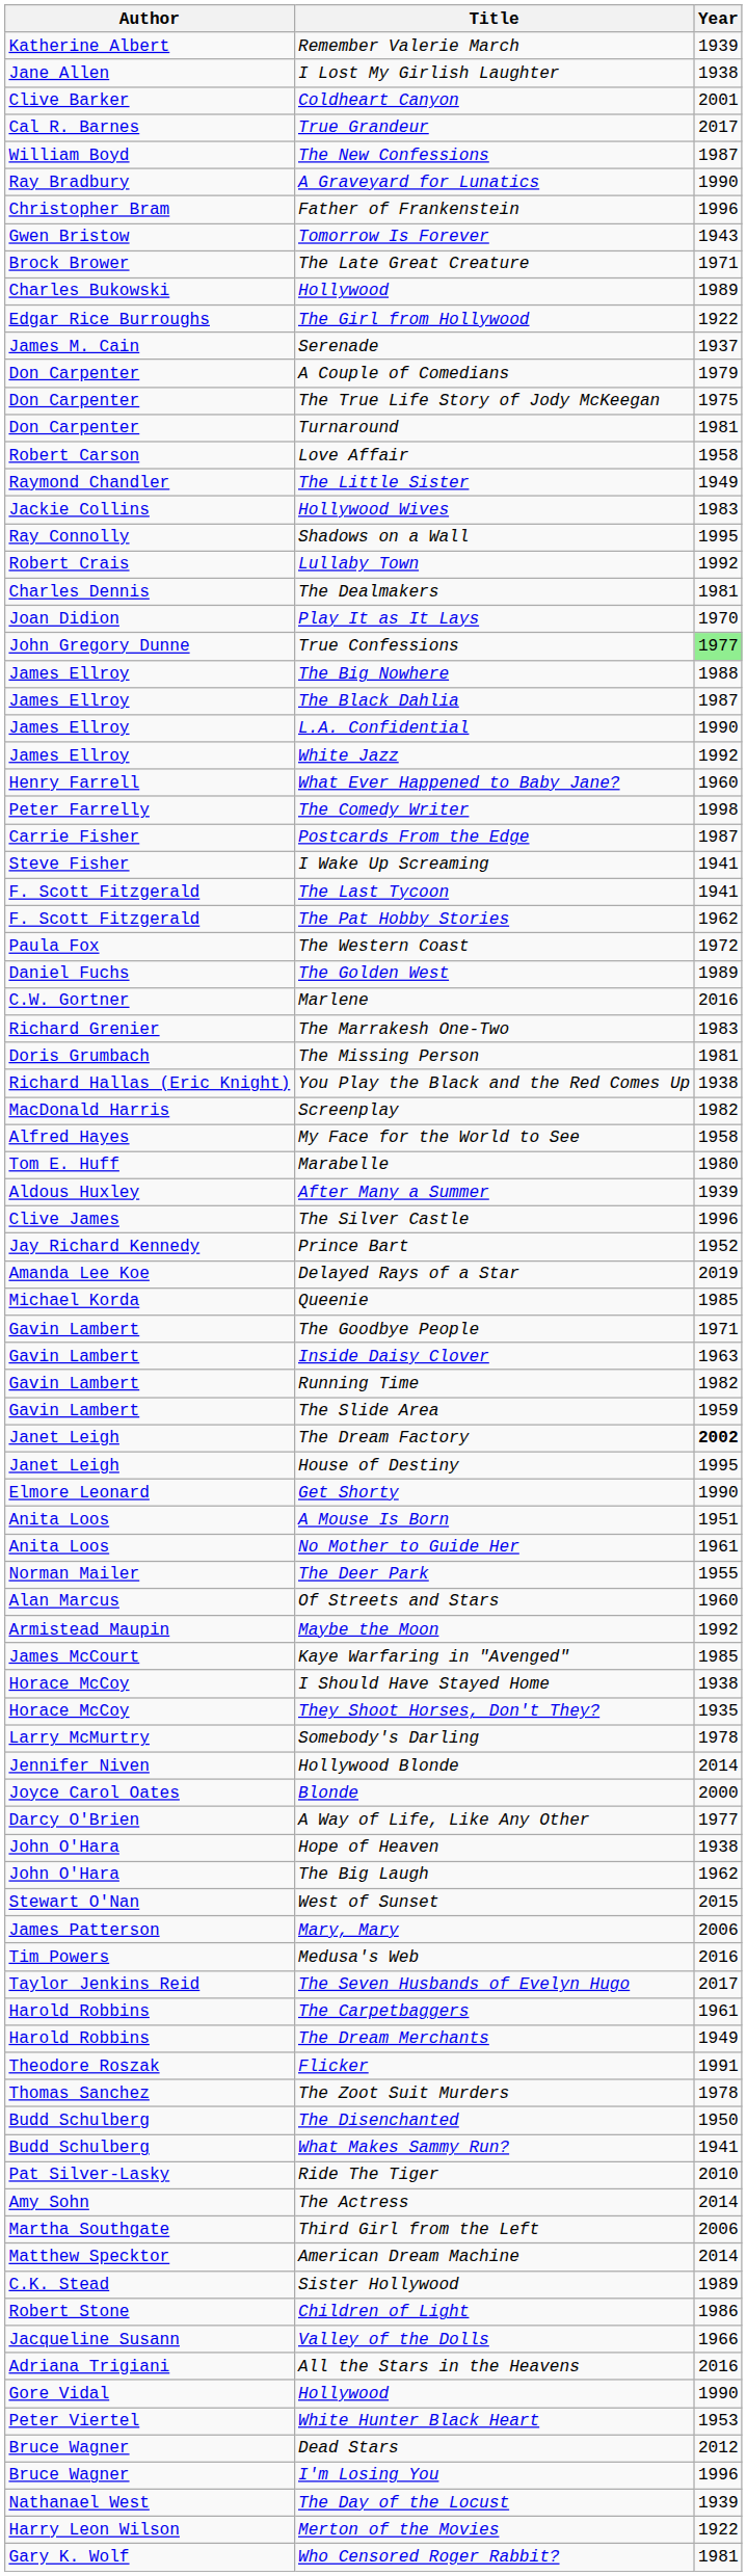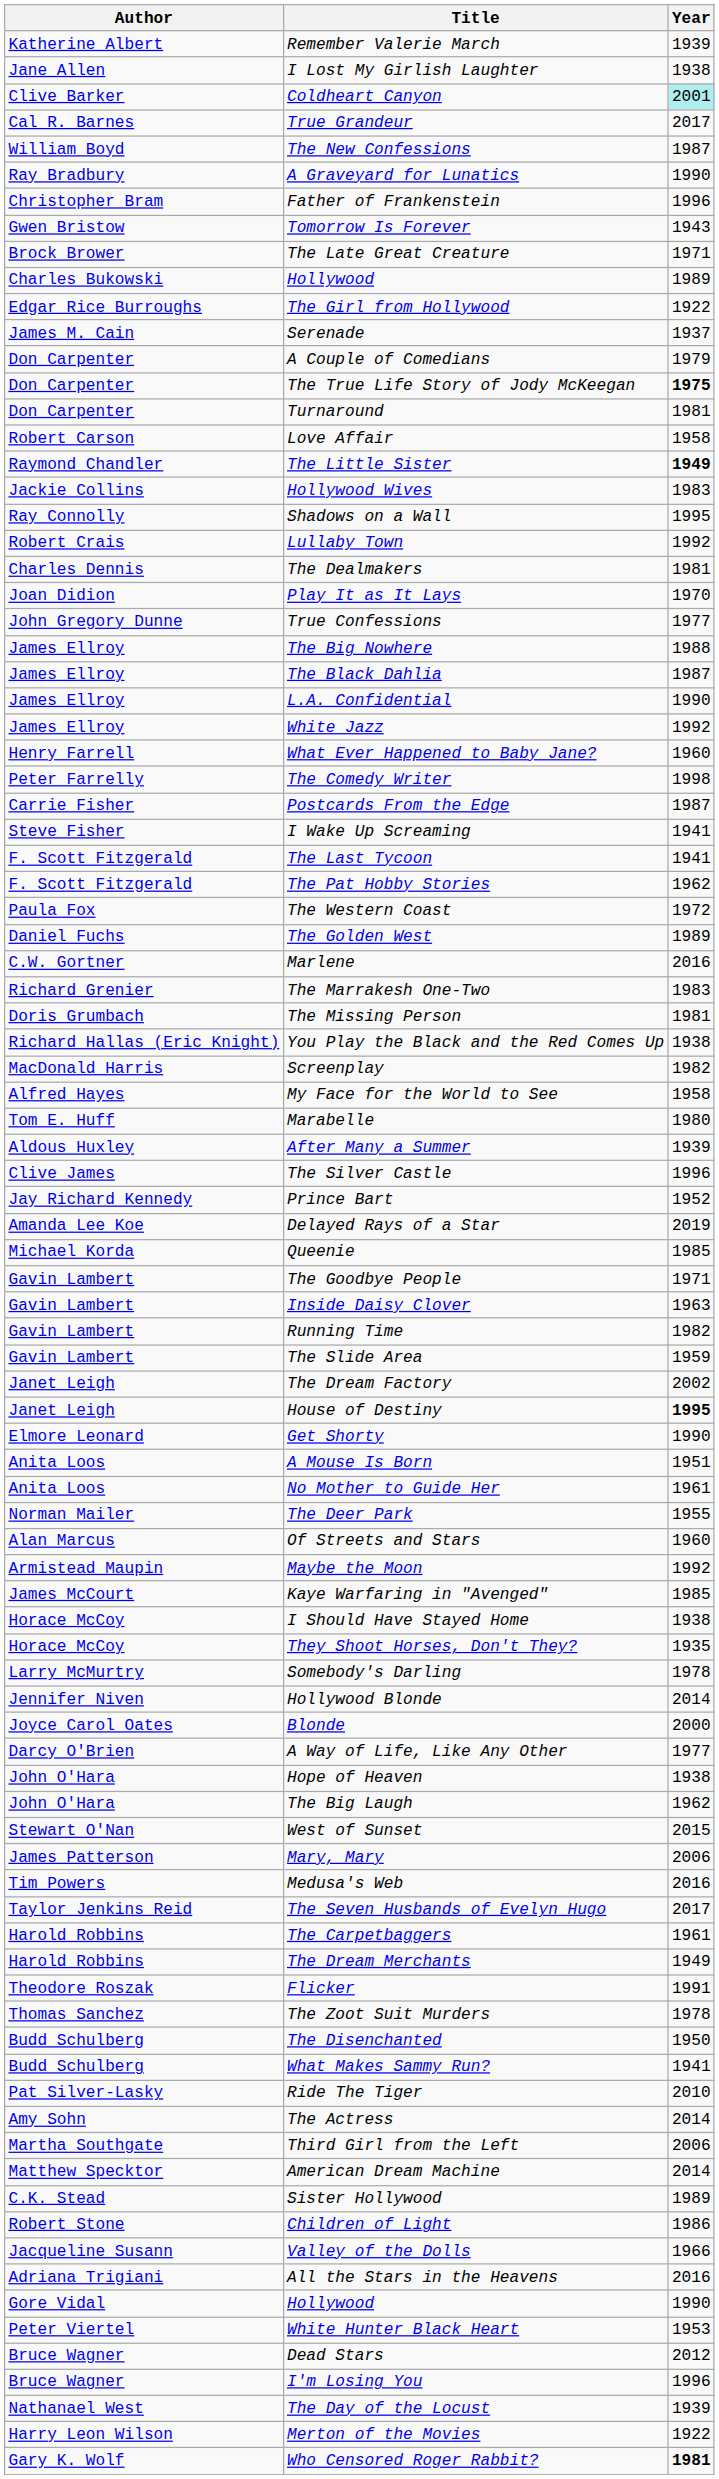 <table class="wikitable sortable">
 <tr>
 <th>Author</th>
 <th>Title</th>
 <th>Year</th>
 </tr>
 <tr>
 <td><a href='#'>Katherine Albert</a></td>
 <td><em>Remember Valerie March</em></td>
 <td>1939</td>
 </tr>
 <tr>
 <td><a href='#'>Jane Allen</a></td>
 <td><em>I Lost My Girlish Laughter</em></td>
 <td>1938</td>
 </tr>
 <tr>
 <td><a href='#'>Clive Barker</a></td>
 <td><em><a href='#'>Coldheart Canyon</a></em></td>
-<td>2001</td>
+<td style="background: paleturquoise;">2001</td>
 </tr>
 <tr>
 <td><a href='#'>Cal R. Barnes</a></td>
 <td><em><a href='#'>True Grandeur</a></em></td>
 <td>2017</td>
 </tr>
 <tr>
 <td><a href='#'>William Boyd</a></td>
 <td><em><a href='#'>The New Confessions</a></em></td>
 <td>1987</td>
 </tr>
 <tr>
 <td><a href='#'>Ray Bradbury</a></td>
 <td><em><a href='#'>A Graveyard for Lunatics</a></em></td>
 <td>1990</td>
 </tr>
 <tr>
 <td><a href='#'>Christopher Bram</a></td>
 <td><em>Father of Frankenstein</em></td>
 <td>1996</td>
 </tr>
 <tr>
 <td><a href='#'>Gwen Bristow</a></td>
 <td><em><a href='#'>Tomorrow Is Forever</a></em></td>
 <td>1943</td>
 </tr>
 <tr>
 <td><a href='#'>Brock Brower</a></td>
 <td><em>The Late Great Creature</em></td>
 <td>1971</td>
 </tr>
 <tr>
 <td><a href='#'>Charles Bukowski</a></td>
 <td><em><a href='#'>Hollywood</a></em></td>
 <td>1989</td>
 </tr>
 <tr>
 <td><a href='#'>Edgar Rice Burroughs</a></td>
 <td><em><a href='#'>The Girl from Hollywood</a></em></td>
 <td>1922</td>
 </tr>
 <tr>
 <td><a href='#'>James M. Cain</a></td>
 <td><em>Serenade</em></td>
 <td>1937</td>
 </tr>
 <tr>
 <td><a href='#'>Don Carpenter</a></td>
 <td><em>A Couple of Comedians</em></td>
 <td>1979</td>
 </tr>
 <tr>
 <td><a href='#'>Don Carpenter</a></td>
 <td><em>The True Life Story of Jody McKeegan</em></td>
-<td>1975</td>
+<td><strong>1975</strong></td>
 </tr>
 <tr>
 <td><a href='#'>Don Carpenter</a></td>
 <td><em>Turnaround</em></td>
 <td>1981</td>
 </tr>
 <tr>
 <td><a href='#'>Robert Carson</a></td>
 <td><em>Love Affair</em></td>
 <td>1958</td>
 </tr>
 <tr>
 <td><a href='#'>Raymond Chandler</a></td>
 <td><em><a href='#'>The Little Sister</a></em></td>
-<td>1949</td>
+<td><strong>1949</strong></td>
 </tr>
 <tr>
 <td><a href='#'>Jackie Collins</a></td>
 <td><em><a href='#'>Hollywood Wives</a></em></td>
 <td>1983</td>
 </tr>
 <tr>
 <td><a href='#'>Ray Connolly</a></td>
 <td><em>Shadows on a Wall</em></td>
 <td>1995</td>
 </tr>
 <tr>
 <td><a href='#'>Robert Crais</a></td>
 <td><em><a href='#'>Lullaby Town</a></em></td>
 <td>1992</td>
 </tr>
 <tr>
 <td><a href='#'>Charles Dennis</a></td>
 <td><em>The Dealmakers</em></td>
 <td>1981</td>
 </tr>
 <tr>
 <td><a href='#'>Joan Didion</a></td>
 <td><em><a href='#'>Play It as It Lays</a></em></td>
 <td>1970</td>
 </tr>
 <tr>
 <td><a href='#'>John Gregory Dunne</a></td>
 <td><em>True Confessions</em></td>
-<td style="background: lightgreen;">1977</td>
+<td>1977</td>
 </tr>
 <tr>
 <td><a href='#'>James Ellroy</a></td>
 <td><em><a href='#'>The Big Nowhere</a></em></td>
 <td>1988</td>
 </tr>
 <tr>
 <td><a href='#'>James Ellroy</a></td>
 <td><em><a href='#'>The Black Dahlia</a></em></td>
 <td>1987</td>
 </tr>
 <tr>
 <td><a href='#'>James Ellroy</a></td>
 <td><em><a href='#'>L.A. Confidential</a></em></td>
 <td>1990</td>
 </tr>
 <tr>
 <td><a href='#'>James Ellroy</a></td>
 <td><em><a href='#'>White Jazz</a></em></td>
 <td>1992</td>
 </tr>
 <tr>
 <td><a href='#'>Henry Farrell</a></td>
 <td><em><a href='#'>What Ever Happened to Baby Jane?</a></em></td>
 <td>1960</td>
 </tr>
 <tr>
 <td><a href='#'>Peter Farrelly</a></td>
 <td><em><a href='#'>The Comedy Writer</a></em></td>
 <td>1998</td>
 </tr>
 <tr>
 <td><a href='#'>Carrie Fisher</a></td>
 <td><em><a href='#'>Postcards From the Edge</a></em></td>
 <td>1987</td>
 </tr>
 <tr>
 <td><a href='#'>Steve Fisher</a></td>
 <td><em>I Wake Up Screaming</em></td>
 <td>1941</td>
 </tr>
 <tr>
 <td><a href='#'>F. Scott Fitzgerald</a></td>
 <td><em><a href='#'>The Last Tycoon</a></em></td>
 <td>1941</td>
 </tr>
 <tr>
 <td><a href='#'>F. Scott Fitzgerald</a></td>
 <td><em><a href='#'>The Pat Hobby Stories</a></em></td>
 <td>1962</td>
 </tr>
 <tr>
 <td><a href='#'>Paula Fox</a></td>
 <td><em>The Western Coast</em></td>
 <td>1972</td>
 </tr>
 <tr>
 <td><a href='#'>Daniel Fuchs</a></td>
 <td><em><a href='#'>The Golden West</a></em></td>
 <td>1989</td>
 </tr>
 <tr>
 <td><a href='#'>C.W. Gortner</a></td>
 <td><em>Marlene</em></td>
 <td>2016</td>
 </tr>
 <tr>
 <td><a href='#'>Richard Grenier</a></td>
 <td><em>The Marrakesh One-Two</em></td>
 <td>1983</td>
 </tr>
 <tr>
 <td><a href='#'>Doris Grumbach</a></td>
 <td><em>The Missing Person</em></td>
 <td>1981</td>
 </tr>
 <tr>
 <td><a href='#'>Richard Hallas (Eric Knight)</a></td>
 <td><em>You Play the Black and the Red Comes Up</em></td>
 <td>1938</td>
 </tr>
 <tr>
 <td><a href='#'>MacDonald Harris</a></td>
 <td><em>Screenplay</em></td>
 <td>1982</td>
 </tr>
 <tr>
 <td><a href='#'>Alfred Hayes</a></td>
 <td><em>My Face for the World to See</em></td>
 <td>1958</td>
 </tr>
 <tr>
 <td><a href='#'>Tom E. Huff</a></td>
 <td><em>Marabelle</em></td>
 <td>1980</td>
 </tr>
 <tr>
 <td><a href='#'>Aldous Huxley</a></td>
 <td><em><a href='#'>After Many a Summer</a></em></td>
 <td>1939</td>
 </tr>
 <tr>
 <td><a href='#'>Clive James</a></td>
 <td><em>The Silver Castle</em></td>
 <td>1996</td>
 </tr>
 <tr>
 <td><a href='#'>Jay Richard Kennedy</a></td>
 <td><em>Prince Bart</em></td>
 <td>1952</td>
 </tr>
 <tr>
 <td><a href='#'>Amanda Lee Koe</a></td>
 <td><em>Delayed Rays of a Star</em></td>
 <td>2019</td>
 </tr>
 <tr>
 <td><a href='#'>Michael Korda</a></td>
 <td><em>Queenie</em></td>
 <td>1985</td>
 </tr>
 <tr>
 <td><a href='#'>Gavin Lambert</a></td>
 <td><em>The Goodbye People</em></td>
 <td>1971</td>
 </tr>
 <tr>
 <td><a href='#'>Gavin Lambert</a></td>
 <td><em><a href='#'>Inside Daisy Clover</a></em></td>
 <td>1963</td>
 </tr>
 <tr>
 <td><a href='#'>Gavin Lambert</a></td>
 <td><em>Running Time</em></td>
 <td>1982</td>
 </tr>
 <tr>
 <td><a href='#'>Gavin Lambert</a></td>
 <td><em>The Slide Area</em></td>
 <td>1959</td>
 </tr>
 <tr>
 <td><a href='#'>Janet Leigh</a></td>
 <td><em>The Dream Factory</em></td>
-<td><strong>2002</strong></td>
+<td>2002</td>
 </tr>
 <tr>
 <td><a href='#'>Janet Leigh</a></td>
 <td><em>House of Destiny</em></td>
-<td>1995</td>
+<td><strong>1995</strong></td>
 </tr>
 <tr>
 <td><a href='#'>Elmore Leonard</a></td>
 <td><em><a href='#'>Get Shorty</a></em></td>
 <td>1990</td>
 </tr>
 <tr>
 <td><a href='#'>Anita Loos</a></td>
 <td><em><a href='#'>A Mouse Is Born</a></em></td>
 <td>1951</td>
 </tr>
 <tr>
 <td><a href='#'>Anita Loos</a></td>
 <td><em><a href='#'>No Mother to Guide Her</a></em></td>
 <td>1961</td>
 </tr>
 <tr>
 <td><a href='#'>Norman Mailer</a></td>
 <td><em><a href='#'>The Deer Park</a></em></td>
 <td>1955</td>
 </tr>
 <tr>
 <td><a href='#'>Alan Marcus</a></td>
 <td><em>Of Streets and Stars</em></td>
 <td>1960</td>
 </tr>
 <tr>
 <td><a href='#'>Armistead Maupin</a></td>
 <td><em><a href='#'>Maybe the Moon</a></em></td>
 <td>1992</td>
 </tr>
 <tr>
 <td><a href='#'>James McCourt</a></td>
 <td><em>Kaye Warfaring in "Avenged"</em></td>
 <td>1985</td>
 </tr>
 <tr>
 <td><a href='#'>Horace McCoy</a></td>
 <td><em>I Should Have Stayed Home</em></td>
 <td>1938</td>
 </tr>
 <tr>
 <td><a href='#'>Horace McCoy</a></td>
 <td><em><a href='#'>They Shoot Horses, Don't They?</a></em></td>
 <td>1935</td>
 </tr>
 <tr>
 <td><a href='#'>Larry McMurtry</a></td>
 <td><em>Somebody's Darling</em></td>
 <td>1978</td>
 </tr>
 <tr>
 <td><a href='#'>Jennifer Niven</a></td>
 <td><em>Hollywood Blonde</em></td>
 <td>2014</td>
 </tr>
 <tr>
 <td><a href='#'>Joyce Carol Oates</a></td>
 <td><em><a href='#'>Blonde</a></em></td>
 <td>2000</td>
 </tr>
 <tr>
 <td><a href='#'>Darcy O'Brien</a></td>
 <td><em>A Way of Life, Like Any Other</em></td>
 <td>1977</td>
 </tr>
 <tr>
 <td><a href='#'>John O'Hara</a></td>
 <td><em>Hope of Heaven</em></td>
 <td>1938</td>
 </tr>
 <tr>
 <td><a href='#'>John O'Hara</a></td>
 <td><em>The Big Laugh</em></td>
 <td>1962</td>
 </tr>
 <tr>
 <td><a href='#'>Stewart O'Nan</a></td>
 <td><em>West of Sunset</em></td>
 <td>2015</td>
 </tr>
 <tr>
 <td><a href='#'>James Patterson</a></td>
 <td><em><a href='#'>Mary, Mary</a></em></td>
 <td>2006</td>
 </tr>
 <tr>
 <td><a href='#'>Tim Powers</a></td>
 <td><em>Medusa's Web</em></td>
 <td>2016</td>
 </tr>
 <tr>
 <td><a href='#'>Taylor Jenkins Reid</a></td>
 <td><em><a href='#'>The Seven Husbands of Evelyn Hugo</a></em></td>
 <td>2017</td>
 </tr>
 <tr>
 <td><a href='#'>Harold Robbins</a></td>
 <td><em><a href='#'>The Carpetbaggers</a></em></td>
 <td>1961</td>
 </tr>
 <tr>
 <td><a href='#'>Harold Robbins</a></td>
 <td><em><a href='#'>The Dream Merchants</a></em></td>
 <td>1949</td>
 </tr>
 <tr>
 <td><a href='#'>Theodore Roszak</a></td>
 <td><em><a href='#'>Flicker</a></em></td>
 <td>1991</td>
 </tr>
 <tr>
 <td><a href='#'>Thomas Sanchez</a></td>
 <td><em>The Zoot Suit Murders</em></td>
 <td>1978</td>
 </tr>
 <tr>
 <td><a href='#'>Budd Schulberg</a></td>
 <td><em><a href='#'>The Disenchanted</a></em></td>
 <td>1950</td>
 </tr>
 <tr>
 <td><a href='#'>Budd Schulberg</a></td>
 <td><em><a href='#'>What Makes Sammy Run?</a></em></td>
 <td>1941</td>
 </tr>
 <tr>
 <td><a href='#'>Pat Silver-Lasky</a></td>
 <td><em>Ride The Tiger</em></td>
 <td>2010</td>
 </tr>
 <tr>
 <td><a href='#'>Amy Sohn</a></td>
 <td><em>The Actress</em></td>
 <td>2014</td>
 </tr>
 <tr>
 <td><a href='#'>Martha Southgate</a></td>
 <td><em>Third Girl from the Left</em></td>
 <td>2006</td>
 </tr>
 <tr>
 <td><a href='#'>Matthew Specktor</a></td>
 <td><em>American Dream Machine</em></td>
 <td>2014</td>
 </tr>
 <tr>
 <td><a href='#'>C.K. Stead</a></td>
 <td><em>Sister Hollywood</em></td>
 <td>1989</td>
 </tr>
 <tr>
 <td><a href='#'>Robert Stone</a></td>
 <td><em><a href='#'>Children of Light</a></em></td>
 <td>1986</td>
 </tr>
 <tr>
 <td><a href='#'>Jacqueline Susann</a></td>
 <td><em><a href='#'>Valley of the Dolls</a></em></td>
 <td>1966</td>
 </tr>
 <tr>
 <td><a href='#'>Adriana Trigiani</a></td>
 <td><em>All the Stars in the Heavens</em></td>
 <td>2016</td>
 </tr>
 <tr>
 <td><a href='#'>Gore Vidal</a></td>
 <td><em><a href='#'>Hollywood</a></em></td>
 <td>1990</td>
 </tr>
 <tr>
 <td><a href='#'>Peter Viertel</a></td>
 <td><em><a href='#'>White Hunter Black Heart</a></em></td>
 <td>1953</td>
 </tr>
 <tr>
 <td><a href='#'>Bruce Wagner</a></td>
 <td><em>Dead Stars</em></td>
 <td>2012</td>
 </tr>
 <tr>
 <td><a href='#'>Bruce Wagner</a></td>
 <td><em><a href='#'>I'm Losing You</a></em></td>
 <td>1996</td>
 </tr>
 <tr>
 <td><a href='#'>Nathanael West</a></td>
 <td><em><a href='#'>The Day of the Locust</a></em></td>
 <td>1939</td>
 </tr>
 <tr>
 <td><a href='#'>Harry Leon Wilson</a></td>
 <td><em><a href='#'>Merton of the Movies</a></em></td>
 <td>1922</td>
 </tr>
 <tr>
 <td><a href='#'>Gary K. Wolf</a></td>
 <td><em><a href='#'>Who Censored Roger Rabbit?</a></em></td>
-<td>1981</td>
+<td><strong>1981</strong></td>
 </tr>
 </table>
